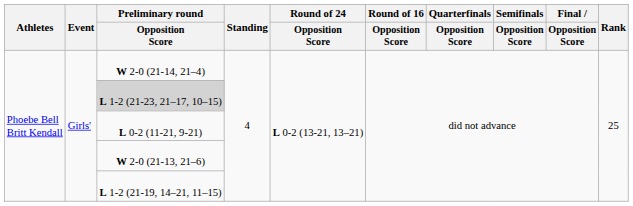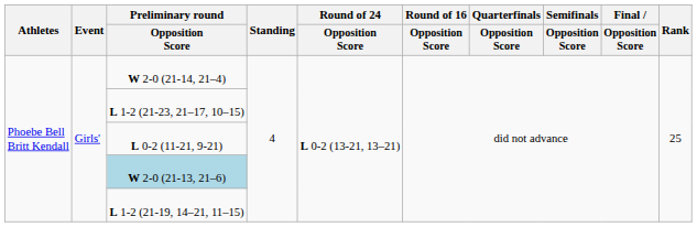 <table class=wikitable style="font-size:90%">
 <tr>
 <th rowspan="2">Athletes</th>
 <th rowspan="2">Event</th>
 <th>Preliminary round</th>
 <th rowspan="2">Standing</th>
 <th>Round of 24</th>
 <th>Round of 16</th>
 <th>Quarterfinals</th>
 <th>Semifinals</th>
 <th>Final / </th>
 <th rowspan=2>Rank</th>
 </tr>
 <tr style="font-size:95%">
 <th>Opposition<br>Score</th>
 <th>Opposition<br>Score</th>
 <th>Opposition<br>Score</th>
 <th>Opposition<br>Score</th>
 <th>Opposition<br>Score</th>
 <th>Opposition<br>Score</th>
 </tr>
 <tr align=center>
 <td align=left rowspan=5><a href='#'>Phoebe Bell</a><br><a href='#'>Britt Kendall</a></td>
 <td align=left rowspan=5><a href='#'>Girls'</a></td>
 <td><br><strong>W</strong> 2-0 (21-14, 21–4)</td>
 <td rowspan=5>4</td>
 <td rowspan=5><br><strong>L</strong> 0-2 (13-21, 13–21)</td>
 <td rowspan=5 colspan=4>did not advance</td>
 <td rowspan=5>25</td>
 </tr>
 <tr align=center>
-<td style="background: lightgrey;"><br><strong>L</strong> 1-2 (21-23, 21–17, 10–15)</td>
+<td><br><strong>L</strong> 1-2 (21-23, 21–17, 10–15)</td>
 </tr>
 <tr align=center>
 <td><br><strong>L</strong> 0-2 (11-21, 9-21)</td>
 </tr>
 <tr align=center>
-<td><br><strong>W</strong> 2-0 (21-13, 21–6)</td>
+<td style="background: lightblue;"><br><strong>W</strong> 2-0 (21-13, 21–6)</td>
 </tr>
 <tr align=center>
 <td><br><strong>L</strong> 1-2 (21-19, 14–21, 11–15)</td>
 </tr>
 </table>
